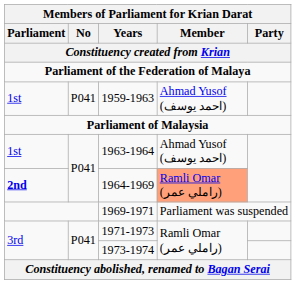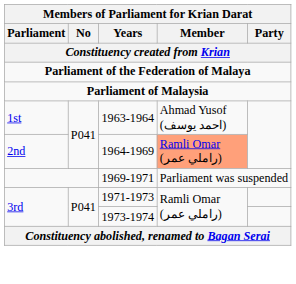 <table class=wikitable>
 <tr>
 <th colspan="5">Members of Parliament for Krian Darat</th>
 </tr>
 <tr>
 <th>Parliament</th>
 <th>No</th>
 <th>Years</th>
 <th>Member</th>
 <th>Party</th>
 </tr>
 <tr>
 <th colspan="5" align="center"><em>Constituency created from <a href='#'>Krian</a></em></th>
 </tr>
 <tr>
 <td colspan="5" align="center"><strong>Parliament of the Federation of Malaya</strong></td>
 </tr>
 <tr>
-<td><a href='#'>1st</a></td>
-<td>P041</td>
-<td>1959-1963</td>
-<td><a href='#'>Ahmad Yusof</a> <br> (احمد يوسف)</td>
-<td></td>
-</tr>
-<tr>
 <td colspan="5" align="center"><strong>Parliament of Malaysia</strong></td>
 </tr>
 <tr>
 <td><a href='#'>1st</a></td>
 <td rowspan="2">P041</td>
 <td>1963-1964</td>
 <td>Ahmad Yusof <br> (احمد يوسف)</td>
 <td rowspan=2></td>
 </tr>
 <tr>
-<td><strong><a href='#'>2nd</a></strong></td>
+<td><a href='#'>2nd</a></td>
 <td>1964-1969</td>
 <td style="background: lightsalmon;"><a href='#'>Ramli Omar</a> <br> (راملي عمر)</td>
 </tr>
 <tr>
 <td colspan="2"></td>
 <td>1969-1971</td>
 <td colspan=2 align=center>Parliament was suspended</td>
 </tr>
 <tr>
 <td rowspan=2><a href='#'>3rd</a></td>
 <td rowspan="2">P041</td>
 <td>1971-1973</td>
 <td rowspan=2>Ramli Omar <br> (راملي عمر)</td>
 <td></td>
 </tr>
 <tr>
 <td>1973-1974</td>
 <td></td>
 </tr>
 <tr>
 <th colspan="5" align="center"><em>Constituency abolished, renamed to <a href='#'>Bagan Serai</a></em></th>
 </tr>
 </table>
